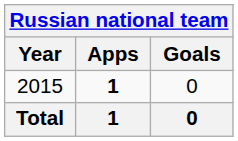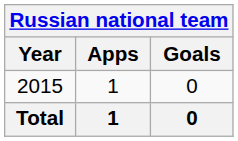 <table class="wikitable" style="text-align:center">
 <tr>
 <th colspan=3><a href='#'>Russian national team</a></th>
 </tr>
 <tr>
 <th>Year</th>
 <th>Apps</th>
 <th>Goals</th>
 </tr>
 <tr>
 <td>2015</td>
-<td><strong>1</strong></td>
+<td>1</td>
 <td>0</td>
 </tr>
 <tr>
 <th>Total</th>
 <th>1</th>
 <th>0</th>
 </tr>
 </table>
